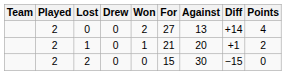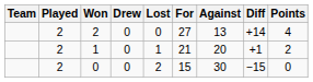 <table class="wikitable" style="text-align:center">
 <tr>
 <th>Team</th>
 <th>Played</th>
+<th>Won</th>
+<th>Drew</th>
 <th>Lost</th>
-<th>Drew</th>
-<th>Won</th>
 <th>For</th>
 <th>Against</th>
 <th>Diff</th>
 <th>Points</th>
 </tr>
 <tr>
 <td align=left></td>
 <td>2</td>
+<td>2</td>
 <td>0</td>
 <td>0</td>
-<td>2</td>
 <td>27</td>
 <td>13</td>
 <td>+14</td>
 <td>4</td>
 </tr>
 <tr>
 <td align=left></td>
 <td>2</td>
 <td>1</td>
 <td>0</td>
 <td>1</td>
 <td>21</td>
 <td>20</td>
 <td>+1</td>
 <td>2</td>
 </tr>
 <tr>
 <td align=left></td>
 <td>2</td>
-<td>2</td>
 <td>0</td>
 <td>0</td>
+<td>2</td>
 <td>15</td>
 <td>30</td>
 <td>−15</td>
 <td>0</td>
 </tr>
 </table>
